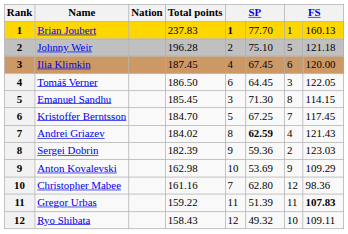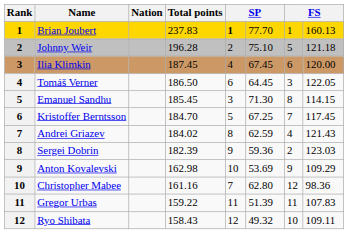 <table class="wikitable">
 <tr>
 <th>Rank</th>
 <th>Name</th>
 <th>Nation</th>
 <th>Total points</th>
 <th colspan="2" width="80px"><a href='#'>SP</a></th>
 <th colspan="2" width="80px"><a href='#'>FS</a></th>
 </tr>
 <tr bgcolor="gold">
 <td align="center"><strong>1</strong></td>
 <td><a href='#'>Brian Joubert</a></td>
 <td></td>
 <td>237.83</td>
 <td><strong>1</strong></td>
 <td>77.70</td>
 <td>1</td>
 <td>160.13</td>
 </tr>
 <tr bgcolor="silver">
 <td align="center"><strong>2</strong></td>
 <td><a href='#'>Johnny Weir</a></td>
 <td></td>
 <td>196.28</td>
 <td>2</td>
 <td>75.10</td>
 <td>5</td>
 <td>121.18</td>
 </tr>
 <tr bgcolor="cc9966">
 <td align="center"><strong>3</strong></td>
 <td><a href='#'>Ilia Klimkin</a></td>
 <td></td>
 <td>187.45</td>
 <td>4</td>
 <td>67.45</td>
 <td>6</td>
 <td>120.00</td>
 </tr>
 <tr>
 <th>4</th>
 <td><a href='#'>Tomáš Verner</a></td>
 <td></td>
 <td>186.50</td>
 <td>6</td>
 <td>64.45</td>
 <td>3</td>
 <td>122.05</td>
 </tr>
 <tr>
 <th>5</th>
 <td><a href='#'>Emanuel Sandhu</a></td>
 <td></td>
 <td>185.45</td>
 <td>3</td>
 <td>71.30</td>
 <td>8</td>
 <td>114.15</td>
 </tr>
 <tr>
 <th>6</th>
 <td><a href='#'>Kristoffer Berntsson</a></td>
 <td></td>
 <td>184.70</td>
 <td>5</td>
 <td>67.25</td>
 <td>7</td>
 <td>117.45</td>
 </tr>
 <tr>
 <th>7</th>
 <td><a href='#'>Andrei Griazev</a></td>
 <td></td>
 <td>184.02</td>
 <td>8</td>
-<td><strong>62.59</strong></td>
+<td>62.59</td>
 <td>4</td>
 <td>121.43</td>
 </tr>
 <tr>
 <th>8</th>
 <td><a href='#'>Sergei Dobrin</a></td>
 <td></td>
 <td>182.39</td>
 <td>9</td>
 <td>59.36</td>
 <td>2</td>
 <td>123.03</td>
 </tr>
 <tr>
 <th>9</th>
 <td><a href='#'>Anton Kovalevski</a></td>
 <td></td>
 <td>162.98</td>
 <td>10</td>
 <td>53.69</td>
 <td>9</td>
 <td>109.29</td>
 </tr>
 <tr>
 <th>10</th>
 <td><a href='#'>Christopher Mabee</a></td>
 <td></td>
 <td>161.16</td>
 <td>7</td>
 <td>62.80</td>
 <td>12</td>
 <td>98.36</td>
 </tr>
 <tr>
 <th>11</th>
 <td><a href='#'>Gregor Urbas</a></td>
 <td></td>
 <td>159.22</td>
 <td>11</td>
 <td>51.39</td>
 <td>11</td>
-<td><strong>107.83</strong></td>
+<td>107.83</td>
 </tr>
 <tr>
 <th>12</th>
 <td><a href='#'>Ryo Shibata</a></td>
 <td></td>
 <td>158.43</td>
 <td>12</td>
 <td>49.32</td>
 <td>10</td>
 <td>109.11</td>
 </tr>
 </table>
